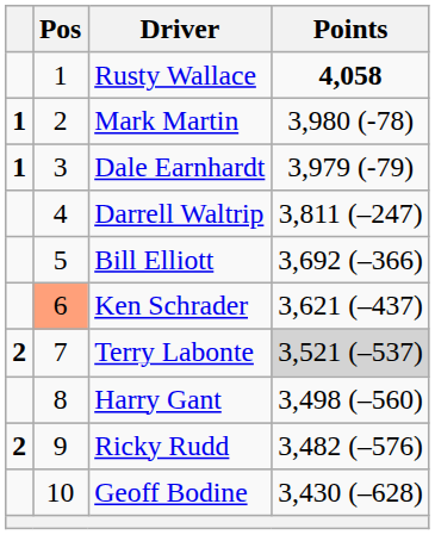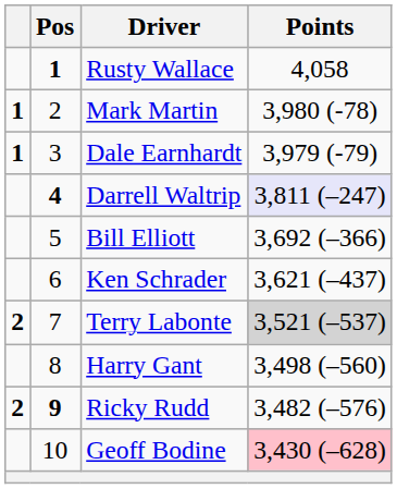 <table class="wikitable" style="font-size: 95%;">
 <tr>
 <th></th>
 <th>Pos</th>
 <th>Driver</th>
 <th>Points</th>
 </tr>
 <tr>
 <td align="left"></td>
-<td style="text-align:center;">1</td>
+<td style="text-align:center;"><strong>1</strong></td>
 <td><a href='#'>Rusty Wallace</a></td>
-<td style="text-align:center;"><strong>4,058</strong></td>
+<td style="text-align:center;">4,058</td>
 </tr>
 <tr>
 <td align="left">  <strong>1</strong></td>
 <td style="text-align:center;">2</td>
 <td><a href='#'>Mark Martin</a></td>
 <td style="text-align:center;">3,980 (-78)</td>
 </tr>
 <tr>
 <td align="left">  <strong>1</strong></td>
 <td style="text-align:center;">3</td>
 <td><a href='#'>Dale Earnhardt</a></td>
 <td style="text-align:center;">3,979 (-79)</td>
 </tr>
 <tr>
 <td align="left"></td>
-<td style="text-align:center;">4</td>
+<td style="text-align:center;"><strong>4</strong></td>
 <td><a href='#'>Darrell Waltrip</a></td>
-<td style="text-align:center;">3,811 (–247)</td>
+<td style="background: lavender; text-align:center;">3,811 (–247)</td>
 </tr>
 <tr>
 <td align="left"></td>
 <td style="text-align:center;">5</td>
 <td><a href='#'>Bill Elliott</a></td>
 <td style="text-align:center;">3,692 (–366)</td>
 </tr>
 <tr>
 <td align="left"></td>
-<td style="background: lightsalmon; text-align:center;">6</td>
+<td style="text-align:center;">6</td>
 <td><a href='#'>Ken Schrader</a></td>
 <td style="text-align:center;">3,621 (–437)</td>
 </tr>
 <tr>
 <td align="left">  <strong>2</strong></td>
 <td style="text-align:center;">7</td>
 <td><a href='#'>Terry Labonte</a></td>
 <td style="background: lightgrey; text-align:center;">3,521 (–537)</td>
 </tr>
 <tr>
 <td align="left"></td>
 <td style="text-align:center;">8</td>
 <td><a href='#'>Harry Gant</a></td>
 <td style="text-align:center;">3,498 (–560)</td>
 </tr>
 <tr>
 <td align="left">  <strong>2</strong></td>
-<td style="text-align:center;">9</td>
+<td style="text-align:center;"><strong>9</strong></td>
 <td><a href='#'>Ricky Rudd</a></td>
 <td style="text-align:center;">3,482 (–576)</td>
 </tr>
 <tr>
 <td align="left"></td>
 <td style="text-align:center;">10</td>
 <td><a href='#'>Geoff Bodine</a></td>
-<td style="text-align:center;">3,430 (–628)</td>
+<td style="background: pink; text-align:center;">3,430 (–628)</td>
 </tr>
 <tr class="sortbottom">
 <th colspan="9"></th>
 </tr>
 </table>
